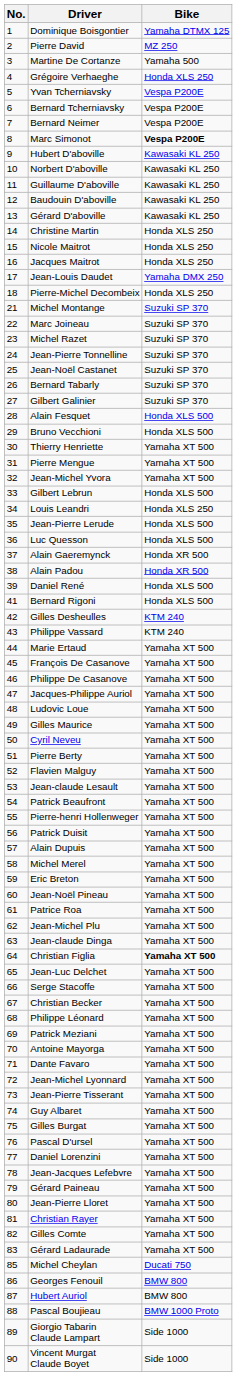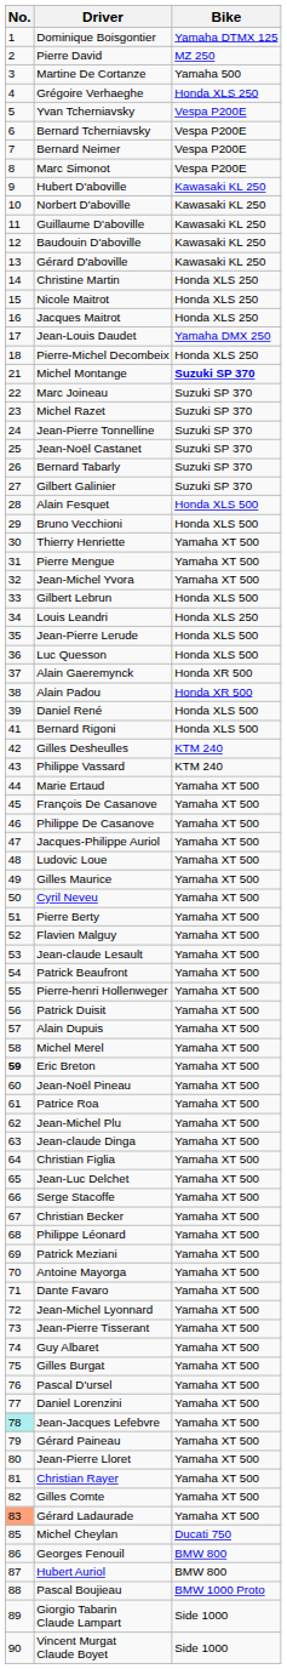 <table class="wikitable sortable" style="font-size:85%;">
 <tr>
 <th><big>No.</big></th>
 <th><big>Driver</big></th>
 <th><big>Bike</big></th>
 </tr>
 <tr>
 <td>1</td>
 <td> Dominique Boisgontier</td>
 <td><a href='#'>Yamaha DTMX 125</a></td>
 </tr>
 <tr>
 <td>2</td>
 <td> Pierre David</td>
 <td><a href='#'>MZ 250</a></td>
 </tr>
 <tr>
 <td>3</td>
 <td> Martine De Cortanze</td>
 <td>Yamaha 500</td>
 </tr>
 <tr>
 <td>4</td>
 <td> Grégoire Verhaeghe</td>
 <td><a href='#'>Honda XLS 250</a></td>
 </tr>
 <tr>
 <td>5</td>
 <td> Yvan Tcherniavsky</td>
 <td><a href='#'>Vespa P200E</a></td>
 </tr>
 <tr>
 <td>6</td>
 <td> Bernard Tcherniavsky</td>
 <td>Vespa P200E</td>
 </tr>
 <tr>
 <td>7</td>
 <td> Bernard Neimer</td>
 <td>Vespa P200E</td>
 </tr>
 <tr>
 <td>8</td>
 <td> Marc Simonot</td>
-<td><strong>Vespa P200E</strong></td>
+<td>Vespa P200E</td>
 </tr>
 <tr>
 <td>9</td>
 <td> Hubert D'aboville</td>
 <td><a href='#'>Kawasaki KL 250</a></td>
 </tr>
 <tr>
 <td>10</td>
 <td> Norbert D'aboville</td>
 <td>Kawasaki KL 250</td>
 </tr>
 <tr>
 <td>11</td>
 <td> Guillaume D'aboville</td>
 <td>Kawasaki KL 250</td>
 </tr>
 <tr>
 <td>12</td>
 <td> Baudouin D'aboville</td>
 <td>Kawasaki KL 250</td>
 </tr>
 <tr>
 <td>13</td>
 <td> Gérard D'aboville</td>
 <td>Kawasaki KL 250</td>
 </tr>
 <tr>
 <td>14</td>
 <td> Christine Martin</td>
 <td>Honda XLS 250</td>
 </tr>
 <tr>
 <td>15</td>
 <td> Nicole Maitrot</td>
 <td>Honda XLS 250</td>
 </tr>
 <tr>
 <td>16</td>
 <td> Jacques Maitrot</td>
 <td>Honda XLS 250</td>
 </tr>
 <tr>
 <td>17</td>
 <td> Jean-Louis Daudet</td>
 <td><a href='#'>Yamaha DMX 250</a></td>
 </tr>
 <tr>
 <td>18</td>
 <td> Pierre-Michel Decombeix</td>
 <td>Honda XLS 250</td>
 </tr>
 <tr>
 <td>21</td>
 <td> Michel Montange</td>
-<td><a href='#'>Suzuki SP 370</a></td>
+<td><strong><a href='#'>Suzuki SP 370</a></strong></td>
 </tr>
 <tr>
 <td>22</td>
 <td> Marc Joineau</td>
 <td>Suzuki SP 370</td>
 </tr>
 <tr>
 <td>23</td>
 <td> Michel Razet</td>
 <td>Suzuki SP 370</td>
 </tr>
 <tr>
 <td>24</td>
 <td> Jean-Pierre Tonnelline</td>
 <td>Suzuki SP 370</td>
 </tr>
 <tr>
 <td>25</td>
 <td> Jean-Noël Castanet</td>
 <td>Suzuki SP 370</td>
 </tr>
 <tr>
 <td>26</td>
 <td> Bernard Tabarly</td>
 <td>Suzuki SP 370</td>
 </tr>
 <tr>
 <td>27</td>
 <td> Gilbert Galinier</td>
 <td>Suzuki SP 370</td>
 </tr>
 <tr>
 <td>28</td>
 <td> Alain Fesquet</td>
 <td><a href='#'>Honda XLS 500</a></td>
 </tr>
 <tr>
 <td>29</td>
 <td> Bruno Vecchioni</td>
 <td>Honda XLS 500</td>
 </tr>
 <tr>
 <td>30</td>
 <td> Thierry Henriette</td>
 <td>Yamaha XT 500</td>
 </tr>
 <tr>
 <td>31</td>
 <td> Pierre Mengue</td>
 <td>Yamaha XT 500</td>
 </tr>
 <tr>
 <td>32</td>
 <td> Jean-Michel Yvora</td>
 <td>Yamaha XT 500</td>
 </tr>
 <tr>
 <td>33</td>
 <td> Gilbert Lebrun</td>
 <td>Honda XLS 500</td>
 </tr>
 <tr>
 <td>34</td>
 <td> Louis Leandri</td>
 <td>Honda XLS 250</td>
 </tr>
 <tr>
 <td>35</td>
 <td> Jean-Pierre Lerude</td>
 <td>Honda XLS 500</td>
 </tr>
 <tr>
 <td>36</td>
 <td> Luc Quesson</td>
 <td>Honda XLS 500</td>
 </tr>
 <tr>
 <td>37</td>
 <td> Alain Gaeremynck</td>
 <td>Honda XR 500</td>
 </tr>
 <tr>
 <td>38</td>
 <td> Alain Padou</td>
 <td><a href='#'>Honda XR 500</a></td>
 </tr>
 <tr>
 <td>39</td>
 <td> Daniel René</td>
 <td>Honda XLS 500</td>
 </tr>
 <tr>
 <td>41</td>
 <td> Bernard Rigoni</td>
 <td>Honda XLS 500</td>
 </tr>
 <tr>
 <td>42</td>
 <td> Gilles Desheulles</td>
 <td><a href='#'>KTM 240</a></td>
 </tr>
 <tr>
 <td>43</td>
 <td> Philippe Vassard</td>
 <td>KTM 240</td>
 </tr>
 <tr>
 <td>44</td>
 <td> Marie Ertaud</td>
 <td>Yamaha XT 500</td>
 </tr>
 <tr>
 <td>45</td>
 <td> François De Casanove</td>
 <td>Yamaha XT 500</td>
 </tr>
 <tr>
 <td>46</td>
 <td> Philippe De Casanove</td>
 <td>Yamaha XT 500</td>
 </tr>
 <tr>
 <td>47</td>
 <td> Jacques-Philippe Auriol</td>
 <td>Yamaha XT 500</td>
 </tr>
 <tr>
 <td>48</td>
 <td> Ludovic Loue</td>
 <td>Yamaha XT 500</td>
 </tr>
 <tr>
 <td>49</td>
 <td> Gilles Maurice</td>
 <td>Yamaha XT 500</td>
 </tr>
 <tr>
 <td>50</td>
 <td> <a href='#'>Cyril Neveu</a></td>
 <td>Yamaha XT 500</td>
 </tr>
 <tr>
 <td>51</td>
 <td> Pierre Berty</td>
 <td>Yamaha XT 500</td>
 </tr>
 <tr>
 <td>52</td>
 <td> Flavien Malguy</td>
 <td>Yamaha XT 500</td>
 </tr>
 <tr>
 <td>53</td>
 <td> Jean-claude Lesault</td>
 <td>Yamaha XT 500</td>
 </tr>
 <tr>
 <td>54</td>
 <td> Patrick Beaufront</td>
 <td>Yamaha XT 500</td>
 </tr>
 <tr>
 <td>55</td>
 <td> Pierre-henri Hollenweger</td>
 <td>Yamaha XT 500</td>
 </tr>
 <tr>
 <td>56</td>
 <td> Patrick Duisit</td>
 <td>Yamaha XT 500</td>
 </tr>
 <tr>
 <td>57</td>
 <td> Alain Dupuis</td>
 <td>Yamaha XT 500</td>
 </tr>
 <tr>
 <td>58</td>
 <td> Michel Merel</td>
 <td>Yamaha XT 500</td>
 </tr>
 <tr>
-<td>59</td>
+<td><strong>59</strong></td>
 <td> Eric Breton</td>
 <td>Yamaha XT 500</td>
 </tr>
 <tr>
 <td>60</td>
 <td> Jean-Noël Pineau</td>
 <td>Yamaha XT 500</td>
 </tr>
 <tr>
 <td>61</td>
 <td> Patrice Roa</td>
 <td>Yamaha XT 500</td>
 </tr>
 <tr>
 <td>62</td>
 <td> Jean-Michel Plu</td>
 <td>Yamaha XT 500</td>
 </tr>
 <tr>
 <td>63</td>
 <td> Jean-claude Dinga</td>
 <td>Yamaha XT 500</td>
 </tr>
 <tr>
 <td>64</td>
 <td> Christian Figlia</td>
-<td><strong>Yamaha XT 500</strong></td>
+<td>Yamaha XT 500</td>
 </tr>
 <tr>
 <td>65</td>
 <td> Jean-Luc Delchet</td>
 <td>Yamaha XT 500</td>
 </tr>
 <tr>
 <td>66</td>
 <td> Serge Stacoffe</td>
 <td>Yamaha XT 500</td>
 </tr>
 <tr>
 <td>67</td>
 <td> Christian Becker</td>
 <td>Yamaha XT 500</td>
 </tr>
 <tr>
 <td>68</td>
 <td> Philippe Léonard</td>
 <td>Yamaha XT 500</td>
 </tr>
 <tr>
 <td>69</td>
 <td> Patrick Meziani</td>
 <td>Yamaha XT 500</td>
 </tr>
 <tr>
 <td>70</td>
 <td> Antoine Mayorga</td>
 <td>Yamaha XT 500</td>
 </tr>
 <tr>
 <td>71</td>
 <td> Dante Favaro</td>
 <td>Yamaha XT 500</td>
 </tr>
 <tr>
 <td>72</td>
 <td> Jean-Michel Lyonnard</td>
 <td>Yamaha XT 500</td>
 </tr>
 <tr>
 <td>73</td>
 <td> Jean-Pierre Tisserant</td>
 <td>Yamaha XT 500</td>
 </tr>
 <tr>
 <td>74</td>
 <td> Guy Albaret</td>
 <td>Yamaha XT 500</td>
 </tr>
 <tr>
 <td>75</td>
 <td> Gilles Burgat</td>
 <td>Yamaha XT 500</td>
 </tr>
 <tr>
 <td>76</td>
 <td> Pascal D'ursel</td>
 <td>Yamaha XT 500</td>
 </tr>
 <tr>
 <td>77</td>
 <td> Daniel Lorenzini</td>
 <td>Yamaha XT 500</td>
 </tr>
 <tr>
-<td>78</td>
+<td style="background: paleturquoise;">78</td>
 <td> Jean-Jacques Lefebvre</td>
 <td>Yamaha XT 500</td>
 </tr>
 <tr>
 <td>79</td>
 <td> Gérard Paineau</td>
 <td>Yamaha XT 500</td>
 </tr>
 <tr>
 <td>80</td>
 <td> Jean-Pierre Lloret</td>
 <td>Yamaha XT 500</td>
 </tr>
 <tr>
 <td>81</td>
 <td> <a href='#'>Christian Rayer</a></td>
 <td>Yamaha XT 500</td>
 </tr>
 <tr>
 <td>82</td>
 <td> Gilles Comte</td>
 <td>Yamaha XT 500</td>
 </tr>
 <tr>
-<td>83</td>
+<td style="background: lightsalmon;">83</td>
 <td> Gérard Ladaurade</td>
 <td>Yamaha XT 500</td>
 </tr>
 <tr>
 <td>85</td>
 <td> Michel Cheylan</td>
 <td><a href='#'>Ducati 750</a></td>
 </tr>
 <tr>
 <td>86</td>
 <td> Georges Fenouil</td>
 <td><a href='#'>BMW 800</a></td>
 </tr>
 <tr>
 <td>87</td>
 <td> <a href='#'>Hubert Auriol</a></td>
 <td>BMW 800</td>
 </tr>
 <tr>
 <td>88</td>
 <td> Pascal Boujieau</td>
 <td><a href='#'>BMW 1000 Proto</a></td>
 </tr>
 <tr>
 <td>89</td>
 <td> Giorgio Tabarin<br> Claude Lampart</td>
 <td>Side 1000</td>
 </tr>
 <tr>
 <td>90</td>
 <td> Vincent Murgat<br> Claude Boyet</td>
 <td>Side 1000</td>
 </tr>
 </table>
